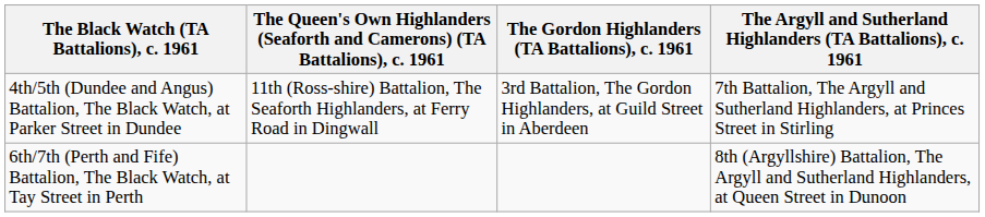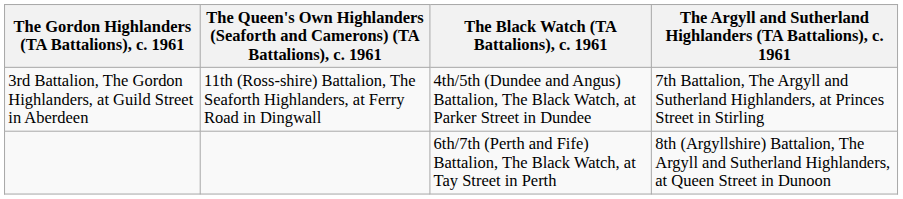 <table class="wikitable">
 <tr>
+<th>The Gordon Highlanders (TA Battalions), c. 1961</th>
+<th>The Queen's Own Highlanders (Seaforth and Camerons) (TA Battalions), c. 1961</th>
 <th>The Black Watch (TA Battalions), c. 1961</th>
-<th>The Queen's Own Highlanders (Seaforth and Camerons) (TA Battalions), c. 1961</th>
-<th>The Gordon Highlanders (TA Battalions), c. 1961</th>
 <th>The Argyll and Sutherland Highlanders (TA Battalions), c. 1961</th>
 </tr>
 <tr>
+<td>3rd Battalion, The Gordon Highlanders, at Guild Street in Aberdeen</td>
+<td>11th (Ross-shire) Battalion, The Seaforth Highlanders, at Ferry Road in Dingwall</td>
 <td>4th/5th (Dundee and Angus) Battalion, The Black Watch, at Parker Street in Dundee</td>
-<td>11th (Ross-shire) Battalion, The Seaforth Highlanders, at Ferry Road in Dingwall</td>
-<td>3rd Battalion, The Gordon Highlanders, at Guild Street in Aberdeen</td>
 <td>7th Battalion, The Argyll and Sutherland Highlanders, at Princes Street in Stirling</td>
 </tr>
 <tr>
-<td>6th/7th (Perth and Fife) Battalion, The Black Watch, at Tay Street in Perth</td>
 <td></td>
 <td></td>
+<td>6th/7th (Perth and Fife) Battalion, The Black Watch, at Tay Street in Perth</td>
 <td>8th (Argyllshire) Battalion, The Argyll and Sutherland Highlanders, at Queen Street in Dunoon</td>
 </tr>
 </table>
